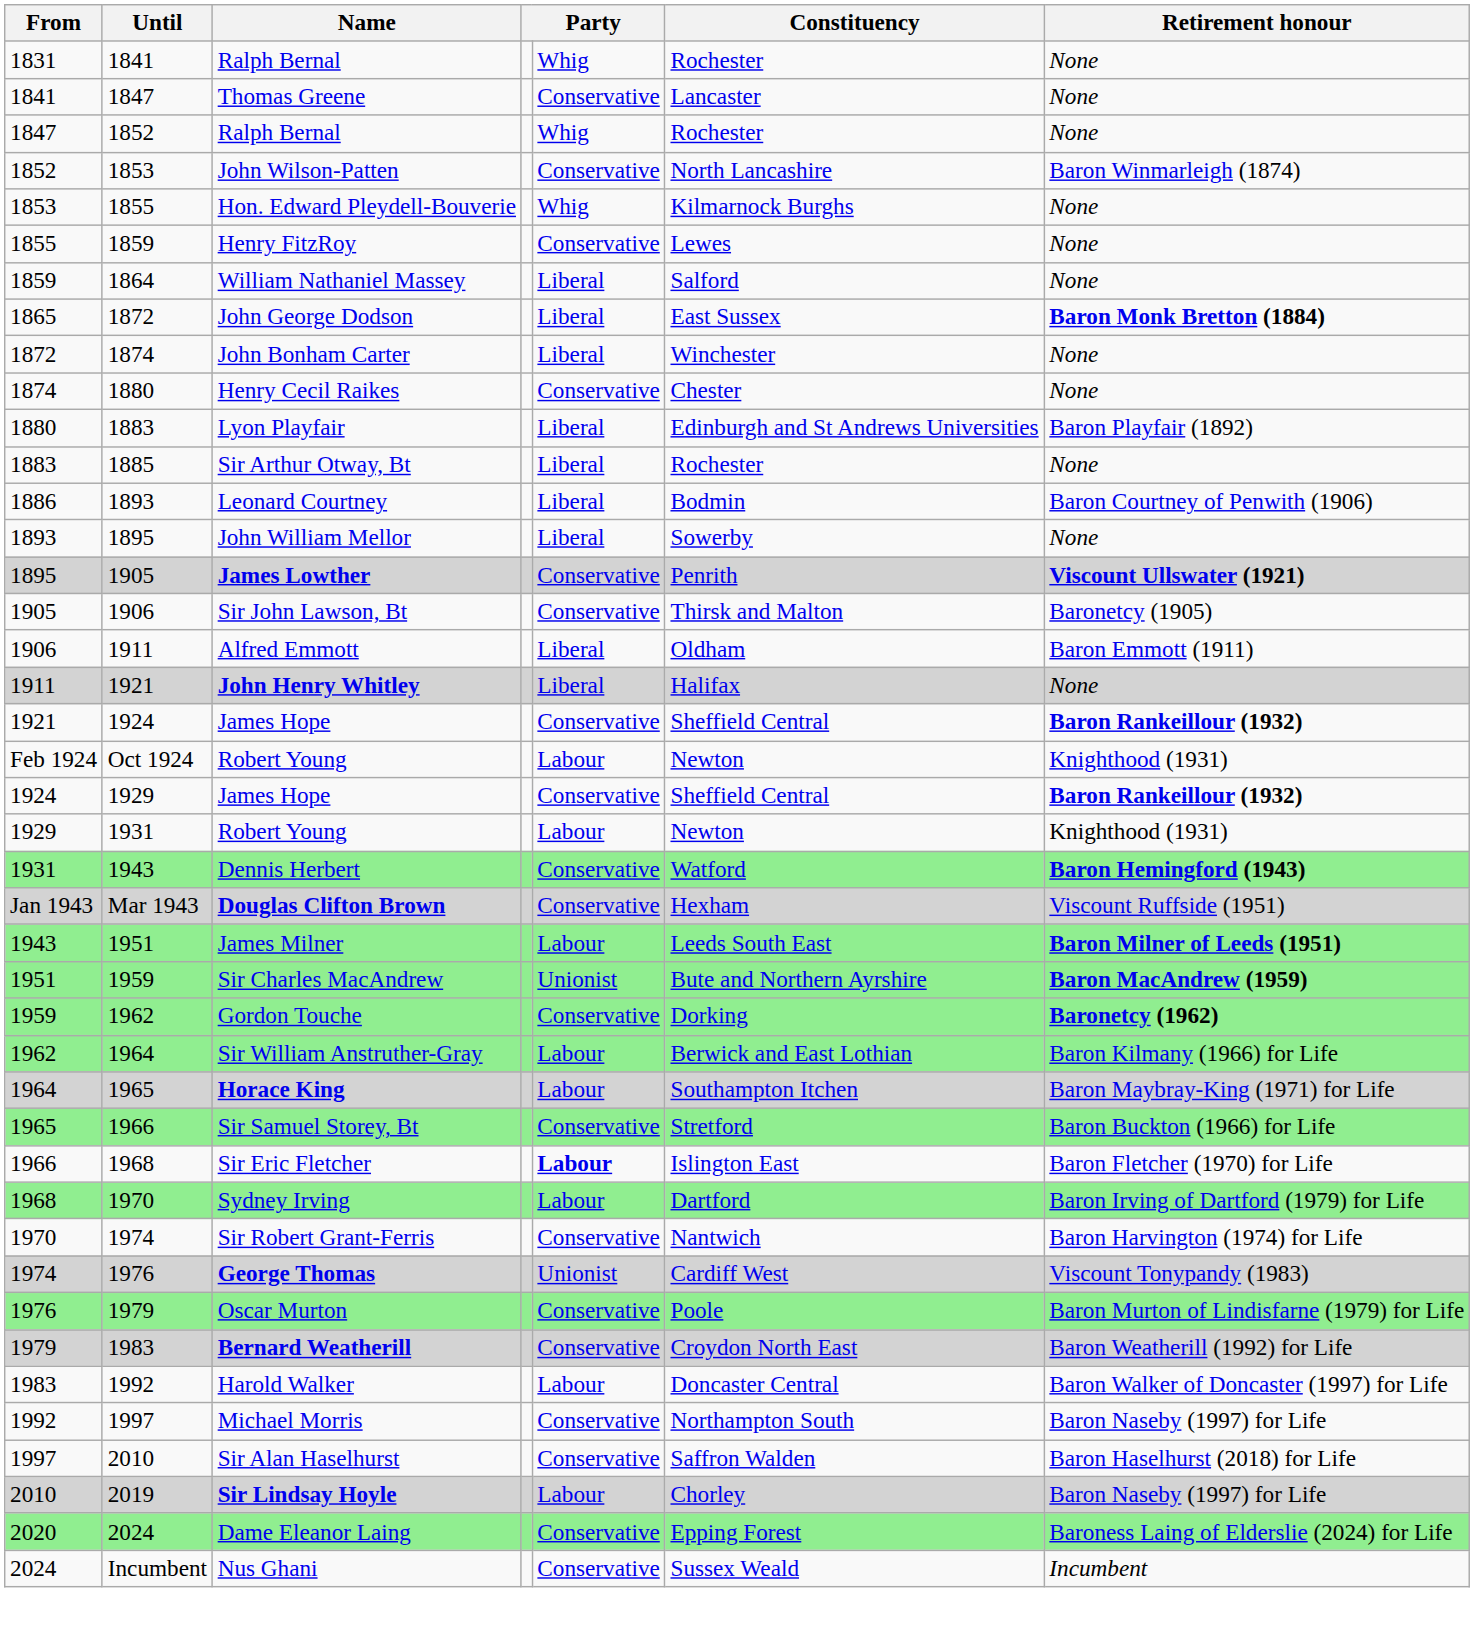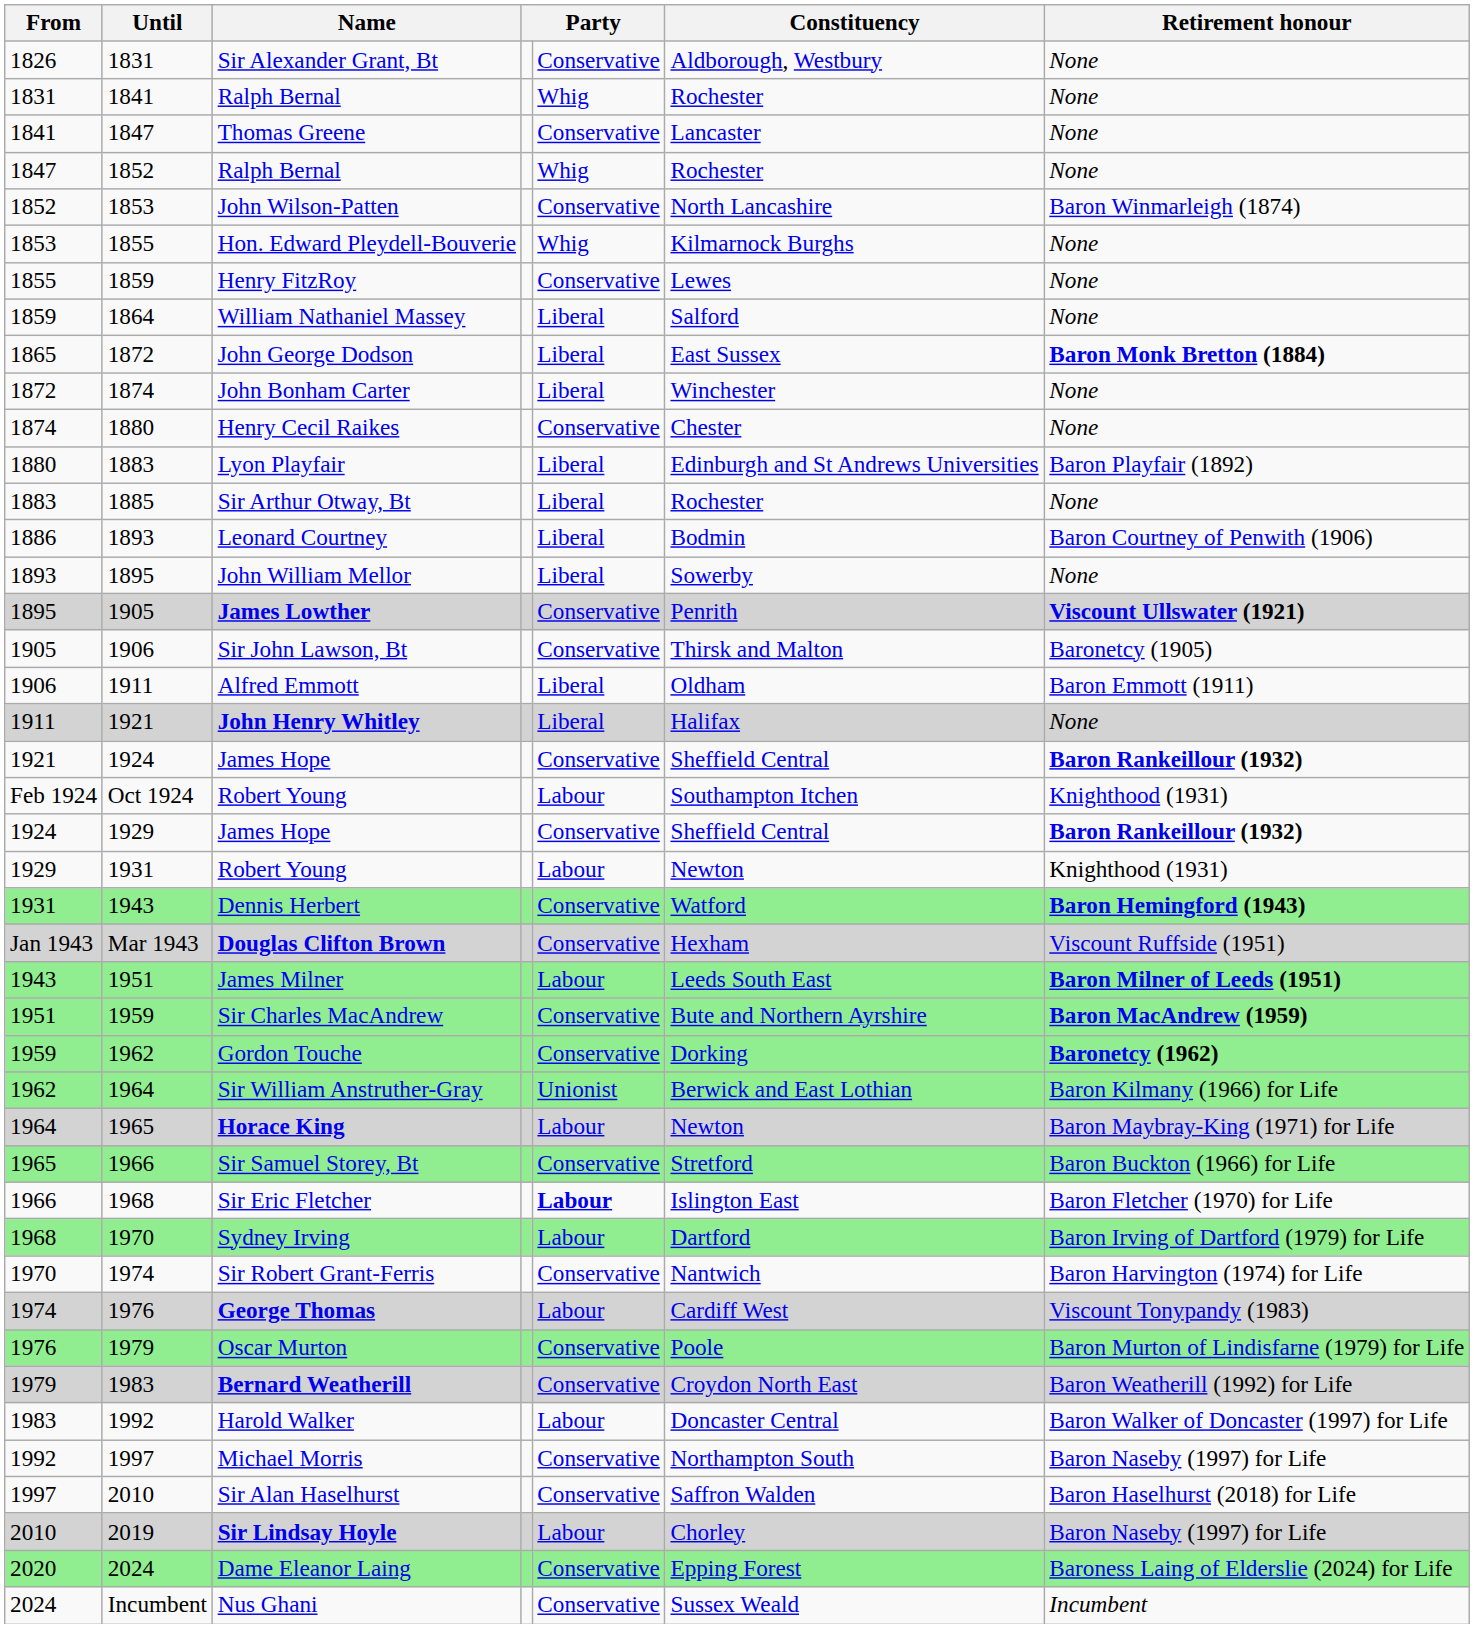 <table class="wikitable">
 <tr>
 <th>From</th>
 <th>Until</th>
 <th>Name</th>
 <th colspan=2>Party</th>
 <th>Constituency</th>
 <th>Retirement honour</th>
+</tr>
+<tr>
+<td>1826</td>
+<td>1831</td>
+<td><a href='#'>Sir Alexander Grant, Bt</a></td>
+<td style="background-color: "></td>
+<td><a href='#'>Conservative</a></td>
+<td><a href='#'>Aldborough</a>, <a href='#'>Westbury</a></td>
+<td><em>None</em></td>
 </tr>
 <tr>
 <td>1831</td>
 <td>1841</td>
 <td><a href='#'>Ralph Bernal</a></td>
 <td style="background-color: "></td>
 <td><a href='#'>Whig</a></td>
 <td><a href='#'>Rochester</a></td>
 <td><em>None</em></td>
 </tr>
 <tr>
 <td>1841</td>
 <td>1847</td>
 <td><a href='#'>Thomas Greene</a></td>
 <td style="background-color: "></td>
 <td><a href='#'>Conservative</a></td>
 <td><a href='#'>Lancaster</a></td>
 <td><em>None</em></td>
 </tr>
 <tr>
 <td>1847</td>
 <td>1852</td>
 <td><a href='#'>Ralph Bernal</a></td>
 <td style="background-color: "></td>
 <td><a href='#'>Whig</a></td>
 <td><a href='#'>Rochester</a></td>
 <td><em>None</em></td>
 </tr>
 <tr>
 <td>1852</td>
 <td>1853</td>
 <td><a href='#'>John Wilson-Patten</a></td>
 <td style="background-color: "></td>
 <td><a href='#'>Conservative</a></td>
 <td><a href='#'>North Lancashire</a></td>
 <td><a href='#'>Baron Winmarleigh</a> (1874)</td>
 </tr>
 <tr>
 <td>1853</td>
 <td>1855</td>
 <td><a href='#'>Hon. Edward Pleydell-Bouverie</a></td>
 <td style="background-color: "></td>
 <td><a href='#'>Whig</a></td>
 <td><a href='#'>Kilmarnock Burghs</a></td>
 <td><em>None</em></td>
 </tr>
 <tr>
 <td>1855</td>
 <td>1859</td>
 <td><a href='#'>Henry FitzRoy</a></td>
 <td style="background-color: "></td>
 <td><a href='#'>Conservative</a></td>
 <td><a href='#'>Lewes</a></td>
 <td><em>None</em></td>
 </tr>
 <tr>
 <td>1859</td>
 <td>1864</td>
 <td><a href='#'>William Nathaniel Massey</a></td>
 <td style="background-color: "></td>
 <td><a href='#'>Liberal</a></td>
 <td><a href='#'>Salford</a></td>
 <td><em>None</em></td>
 </tr>
 <tr>
 <td>1865</td>
 <td>1872</td>
 <td><a href='#'>John George Dodson</a></td>
 <td style="background-color: "></td>
 <td><a href='#'>Liberal</a></td>
 <td><a href='#'>East Sussex</a></td>
 <td><strong><a href='#'>Baron Monk Bretton</a> (1884)</strong></td>
 </tr>
 <tr>
 <td>1872</td>
 <td>1874</td>
 <td><a href='#'>John Bonham Carter</a></td>
 <td style="background-color: "></td>
 <td><a href='#'>Liberal</a></td>
 <td><a href='#'>Winchester</a></td>
 <td><em>None</em></td>
 </tr>
 <tr>
 <td>1874</td>
 <td>1880</td>
 <td><a href='#'>Henry Cecil Raikes</a></td>
 <td style="background-color: "></td>
 <td><a href='#'>Conservative</a></td>
 <td><a href='#'>Chester</a></td>
 <td><em>None</em></td>
 </tr>
 <tr>
 <td>1880</td>
 <td>1883</td>
 <td><a href='#'>Lyon Playfair</a></td>
 <td style="background-color: "></td>
 <td><a href='#'>Liberal</a></td>
 <td><a href='#'>Edinburgh and St Andrews Universities</a></td>
 <td><a href='#'>Baron Playfair</a> (1892)</td>
 </tr>
 <tr>
 <td>1883</td>
 <td>1885</td>
 <td><a href='#'>Sir Arthur Otway, Bt</a></td>
 <td style="background-color: "></td>
 <td><a href='#'>Liberal</a></td>
 <td><a href='#'>Rochester</a></td>
 <td><em>None</em></td>
 </tr>
 <tr>
 <td>1886</td>
 <td>1893</td>
 <td><a href='#'>Leonard Courtney</a></td>
 <td style="background-color: "></td>
 <td><a href='#'>Liberal</a></td>
 <td><a href='#'>Bodmin</a></td>
 <td><a href='#'>Baron Courtney of Penwith</a> (1906)</td>
 </tr>
 <tr>
 <td>1893</td>
 <td>1895</td>
 <td><a href='#'>John William Mellor</a></td>
 <td style="background-color: "></td>
 <td><a href='#'>Liberal</a></td>
 <td><a href='#'>Sowerby</a></td>
 <td><em>None</em></td>
 </tr>
 <tr bgcolor=LightGrey>
 <td>1895</td>
 <td>1905</td>
 <td><strong><a href='#'>James Lowther</a></strong></td>
 <td style="background-color: "></td>
 <td><a href='#'>Conservative</a></td>
 <td><a href='#'>Penrith</a></td>
 <td><strong><a href='#'>Viscount Ullswater</a> (1921)</strong></td>
 </tr>
 <tr>
 <td>1905</td>
 <td>1906</td>
 <td><a href='#'>Sir John Lawson, Bt</a></td>
 <td style="background-color: "></td>
 <td><a href='#'>Conservative</a></td>
 <td><a href='#'>Thirsk and Malton</a></td>
 <td><a href='#'>Baronetcy</a> (1905)</td>
 </tr>
 <tr>
 <td>1906</td>
 <td>1911</td>
 <td><a href='#'>Alfred Emmott</a></td>
 <td style="background-color: "></td>
 <td><a href='#'>Liberal</a></td>
 <td><a href='#'>Oldham</a></td>
 <td><a href='#'>Baron Emmott</a> (1911)</td>
 </tr>
 <tr bgcolor=LightGrey>
 <td>1911</td>
 <td>1921</td>
 <td><strong><a href='#'>John Henry Whitley</a></strong></td>
 <td style="background-color: "></td>
 <td><a href='#'>Liberal</a></td>
 <td><a href='#'>Halifax</a></td>
 <td><em>None</em></td>
 </tr>
 <tr>
 <td>1921</td>
 <td>1924</td>
 <td><a href='#'>James Hope</a></td>
 <td style="background-color: "></td>
 <td><a href='#'>Conservative</a></td>
 <td><a href='#'>Sheffield Central</a></td>
 <td><strong><a href='#'>Baron Rankeillour</a> (1932)</strong></td>
 </tr>
 <tr>
 <td>Feb 1924</td>
 <td>Oct 1924</td>
 <td><a href='#'>Robert Young</a></td>
 <td style="background-color: "></td>
 <td><a href='#'>Labour</a></td>
-<td><a href='#'>Newton</a></td>
+<td><a href='#'>Southampton Itchen</a></td>
 <td><a href='#'>Knighthood</a> (1931)</td>
 </tr>
 <tr>
 <td>1924</td>
 <td>1929</td>
 <td><a href='#'>James Hope</a></td>
 <td style="background-color: "></td>
 <td><a href='#'>Conservative</a></td>
 <td><a href='#'>Sheffield Central</a></td>
 <td><strong><a href='#'>Baron Rankeillour</a> (1932)</strong></td>
 </tr>
 <tr>
 <td>1929</td>
 <td>1931</td>
 <td><a href='#'>Robert Young</a></td>
 <td style="background-color: "></td>
 <td><a href='#'>Labour</a></td>
 <td><a href='#'>Newton</a></td>
 <td>Knighthood (1931)</td>
 </tr>
 <tr bgcolor=lightgreen>
 <td>1931</td>
 <td>1943</td>
 <td><a href='#'>Dennis Herbert</a></td>
 <td style="background-color: "></td>
 <td><a href='#'>Conservative</a></td>
 <td><a href='#'>Watford</a></td>
 <td><strong><a href='#'>Baron Hemingford</a> (1943)</strong></td>
 </tr>
 <tr bgcolor=LightGrey>
 <td>Jan 1943</td>
 <td>Mar 1943</td>
 <td><strong><a href='#'>Douglas Clifton Brown</a></strong></td>
 <td style="background-color: "></td>
 <td><a href='#'>Conservative</a></td>
 <td><a href='#'>Hexham</a></td>
 <td><a href='#'>Viscount Ruffside</a> (1951)</td>
 </tr>
 <tr bgcolor=lightgreen>
 <td>1943</td>
 <td>1951</td>
 <td><a href='#'>James Milner</a></td>
 <td style="background-color: "></td>
 <td><a href='#'>Labour</a></td>
 <td><a href='#'>Leeds South East</a></td>
 <td><strong><a href='#'>Baron Milner of Leeds</a> (1951)</strong></td>
 </tr>
 <tr bgcolor=lightgreen>
 <td>1951</td>
 <td>1959</td>
 <td><a href='#'>Sir Charles MacAndrew</a></td>
 <td style="background-color: "></td>
-<td><a href='#'>Unionist</a></td>
+<td><a href='#'>Conservative</a></td>
 <td><a href='#'>Bute and Northern Ayrshire</a></td>
 <td><strong><a href='#'>Baron MacAndrew</a> (1959)</strong></td>
 </tr>
 <tr bgcolor=lightgreen>
 <td>1959</td>
 <td>1962</td>
 <td><a href='#'>Gordon Touche</a></td>
 <td style="background-color: "></td>
 <td><a href='#'>Conservative</a></td>
 <td><a href='#'>Dorking</a></td>
 <td><strong><a href='#'>Baronetcy</a> (1962)</strong></td>
 </tr>
 <tr bgcolor=lightgreen>
 <td>1962</td>
 <td>1964</td>
 <td><a href='#'>Sir William Anstruther-Gray</a></td>
 <td style="background-color: "></td>
-<td><a href='#'>Labour</a></td>
+<td><a href='#'>Unionist</a></td>
 <td><a href='#'>Berwick and East Lothian</a></td>
 <td><a href='#'>Baron Kilmany</a> (1966) for Life</td>
 </tr>
 <tr bgcolor=LightGrey>
 <td>1964</td>
 <td>1965</td>
 <td><strong><a href='#'>Horace King</a></strong></td>
 <td style="background-color: "></td>
 <td><a href='#'>Labour</a></td>
-<td><a href='#'>Southampton Itchen</a></td>
+<td><a href='#'>Newton</a></td>
 <td><a href='#'>Baron Maybray-King</a> (1971) for Life</td>
 </tr>
 <tr bgcolor=lightgreen>
 <td>1965</td>
 <td>1966</td>
 <td><a href='#'>Sir Samuel Storey, Bt</a></td>
 <td style="background-color: "></td>
 <td><a href='#'>Conservative</a></td>
 <td><a href='#'>Stretford</a></td>
 <td><a href='#'>Baron Buckton</a> (1966) for Life</td>
 </tr>
 <tr>
 <td>1966</td>
 <td>1968</td>
 <td><a href='#'>Sir Eric Fletcher</a></td>
 <td style="background-color: "></td>
 <td><strong><a href='#'>Labour</a></strong></td>
 <td><a href='#'>Islington East</a></td>
 <td><a href='#'>Baron Fletcher</a> (1970) for Life</td>
 </tr>
 <tr bgcolor=lightgreen>
 <td>1968</td>
 <td>1970</td>
 <td><a href='#'>Sydney Irving</a></td>
 <td style="background-color: "></td>
 <td><a href='#'>Labour</a></td>
 <td><a href='#'>Dartford</a></td>
 <td><a href='#'>Baron Irving of Dartford</a> (1979) for Life</td>
 </tr>
 <tr>
 <td>1970</td>
 <td>1974</td>
 <td><a href='#'>Sir Robert Grant-Ferris</a></td>
 <td style="background-color: "></td>
 <td><a href='#'>Conservative</a></td>
 <td><a href='#'>Nantwich</a></td>
 <td><a href='#'>Baron Harvington</a> (1974) for Life</td>
 </tr>
 <tr bgcolor=LightGrey>
 <td>1974</td>
 <td>1976</td>
 <td><strong><a href='#'>George Thomas</a></strong></td>
 <td style="background-color: "></td>
-<td><a href='#'>Unionist</a></td>
+<td><a href='#'>Labour</a></td>
 <td><a href='#'>Cardiff West</a></td>
 <td><a href='#'>Viscount Tonypandy</a> (1983)</td>
 </tr>
 <tr bgcolor=lightgreen>
 <td>1976</td>
 <td>1979</td>
 <td><a href='#'>Oscar Murton</a></td>
 <td style="background-color: "></td>
 <td><a href='#'>Conservative</a></td>
 <td><a href='#'>Poole</a></td>
 <td><a href='#'>Baron Murton of Lindisfarne</a> (1979) for Life</td>
 </tr>
 <tr bgcolor=LightGrey>
 <td>1979</td>
 <td>1983</td>
 <td><strong><a href='#'>Bernard Weatherill</a></strong></td>
 <td style="background-color: "></td>
 <td><a href='#'>Conservative</a></td>
 <td><a href='#'>Croydon North East</a></td>
 <td><a href='#'>Baron Weatherill</a> (1992) for Life</td>
 </tr>
 <tr>
 <td>1983</td>
 <td>1992</td>
 <td><a href='#'>Harold Walker</a></td>
 <td style="background-color: "></td>
 <td><a href='#'>Labour</a></td>
 <td><a href='#'>Doncaster Central</a></td>
 <td><a href='#'>Baron Walker of Doncaster</a> (1997) for Life</td>
 </tr>
 <tr>
 <td>1992</td>
 <td>1997</td>
 <td><a href='#'>Michael Morris</a></td>
 <td style="background-color: "></td>
 <td><a href='#'>Conservative</a></td>
 <td><a href='#'>Northampton South</a></td>
 <td><a href='#'>Baron Naseby</a> (1997) for Life</td>
 </tr>
 <tr>
 <td>1997</td>
 <td>2010</td>
 <td><a href='#'>Sir Alan Haselhurst</a></td>
 <td style="background-color: "></td>
 <td><a href='#'>Conservative</a></td>
 <td><a href='#'>Saffron Walden</a></td>
 <td><a href='#'>Baron Haselhurst</a> (2018) for Life</td>
 </tr>
 <tr bgcolor=LightGrey>
 <td>2010</td>
 <td>2019</td>
 <td><a href='#'><strong>Sir Lindsay Hoyle</strong></a></td>
 <td style="background-color: "></td>
 <td><a href='#'>Labour</a></td>
 <td><a href='#'>Chorley</a></td>
 <td><a href='#'>Baron Naseby</a> (1997) for Life</td>
 </tr>
 <tr bgcolor=lightgreen>
 <td>2020</td>
 <td>2024</td>
 <td><a href='#'>Dame Eleanor Laing</a></td>
 <td style="background-color: "></td>
 <td><a href='#'>Conservative</a></td>
 <td><a href='#'>Epping Forest</a></td>
 <td><a href='#'>Baroness Laing of Elderslie</a> (2024) for Life</td>
 </tr>
 <tr>
 <td>2024</td>
 <td>Incumbent</td>
 <td><a href='#'>Nus Ghani</a></td>
 <td style="background-color: "></td>
 <td><a href='#'>Conservative</a></td>
 <td><a href='#'>Sussex Weald</a></td>
 <td><em>Incumbent</em></td>
 </tr>
 </table>
